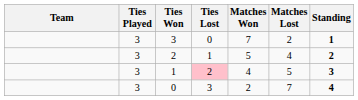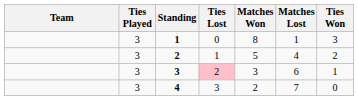 <table class=wikitable style="text-align:center">
 <tr>
 <th width=175>Team</th>
 <th width=50>Ties Played</th>
-<th width=50>Ties Won</th>
+<th width=50>Standing</th>
 <th width=50>Ties Lost</th>
 <th width=50>Matches Won</th>
 <th width=50>Matches Lost</th>
-<th width=50>Standing</th>
+<th width=50>Ties Won</th>
 </tr>
 <tr>
 <td style="text-align:left"></td>
 <td>3</td>
+<td><strong>1</strong></td>
+<td>0</td>
+<td>8</td>
+<td>1</td>
 <td>3</td>
-<td>0</td>
-<td>7</td>
-<td>2</td>
-<td><strong>1</strong></td>
 </tr>
 <tr>
 <td style="text-align:left"></td>
 <td>3</td>
-<td>2</td>
+<td><strong>2</strong></td>
 <td>1</td>
 <td>5</td>
 <td>4</td>
-<td><strong>2</strong></td>
+<td>2</td>
 </tr>
 <tr>
 <td style="text-align:left"></td>
 <td>3</td>
+<td><strong>3</strong></td>
+<td style="background: pink;">2</td>
+<td>3</td>
+<td>6</td>
 <td>1</td>
-<td style="background: pink;">2</td>
-<td>4</td>
-<td>5</td>
-<td><strong>3</strong></td>
 </tr>
 <tr>
 <td style="text-align:left"></td>
 <td>3</td>
-<td>0</td>
+<td><strong>4</strong></td>
 <td>3</td>
 <td>2</td>
 <td>7</td>
-<td><strong>4</strong></td>
+<td>0</td>
 </tr>
 </table>
